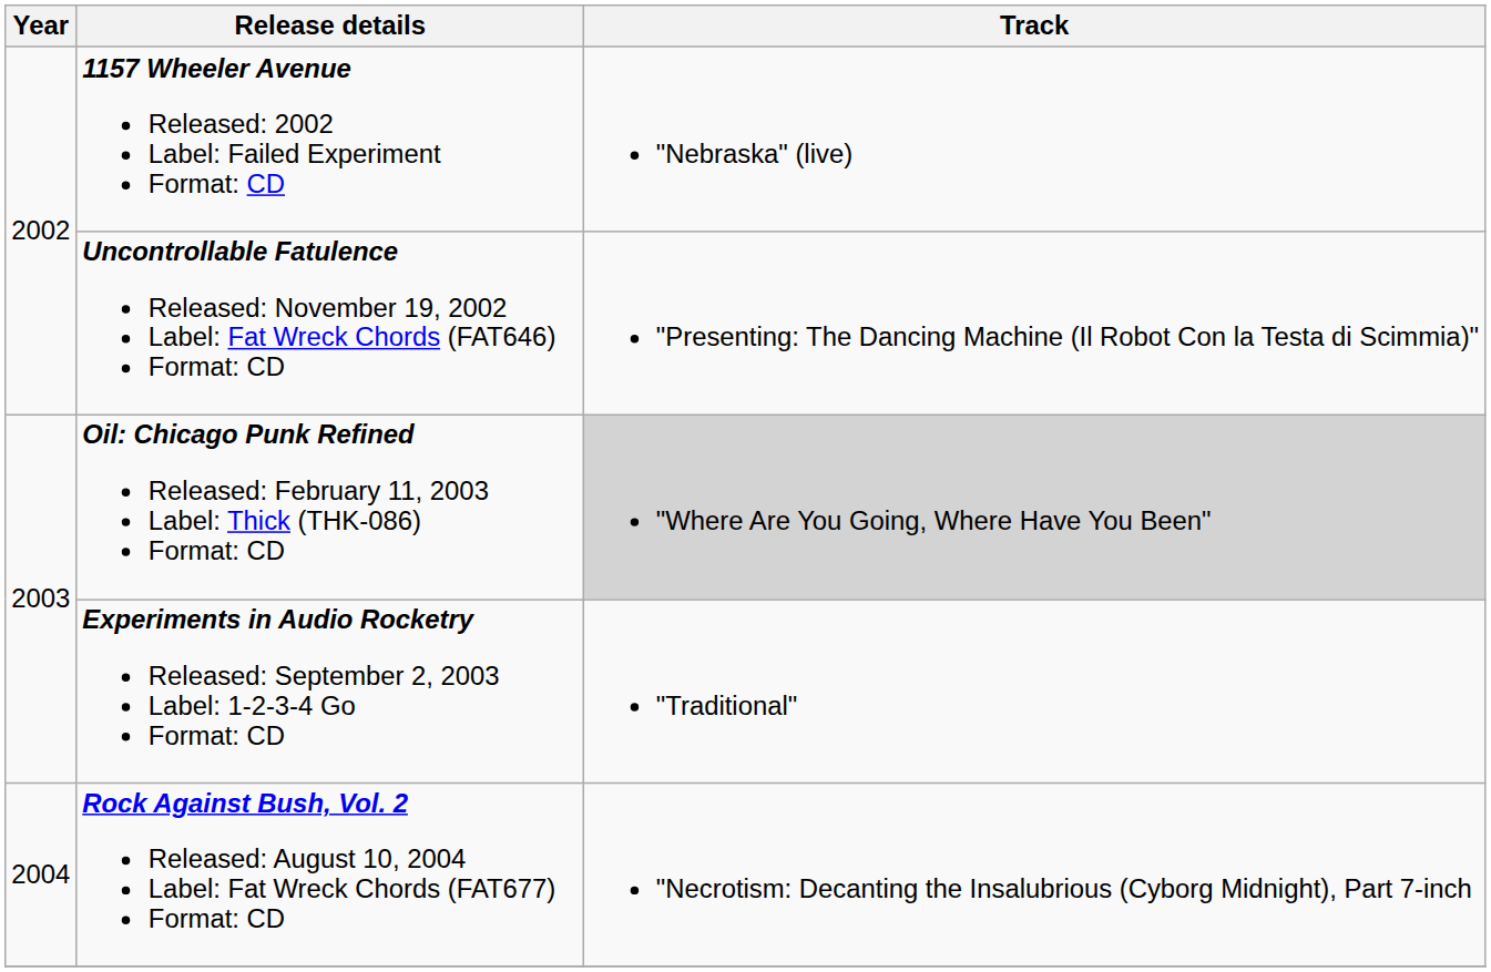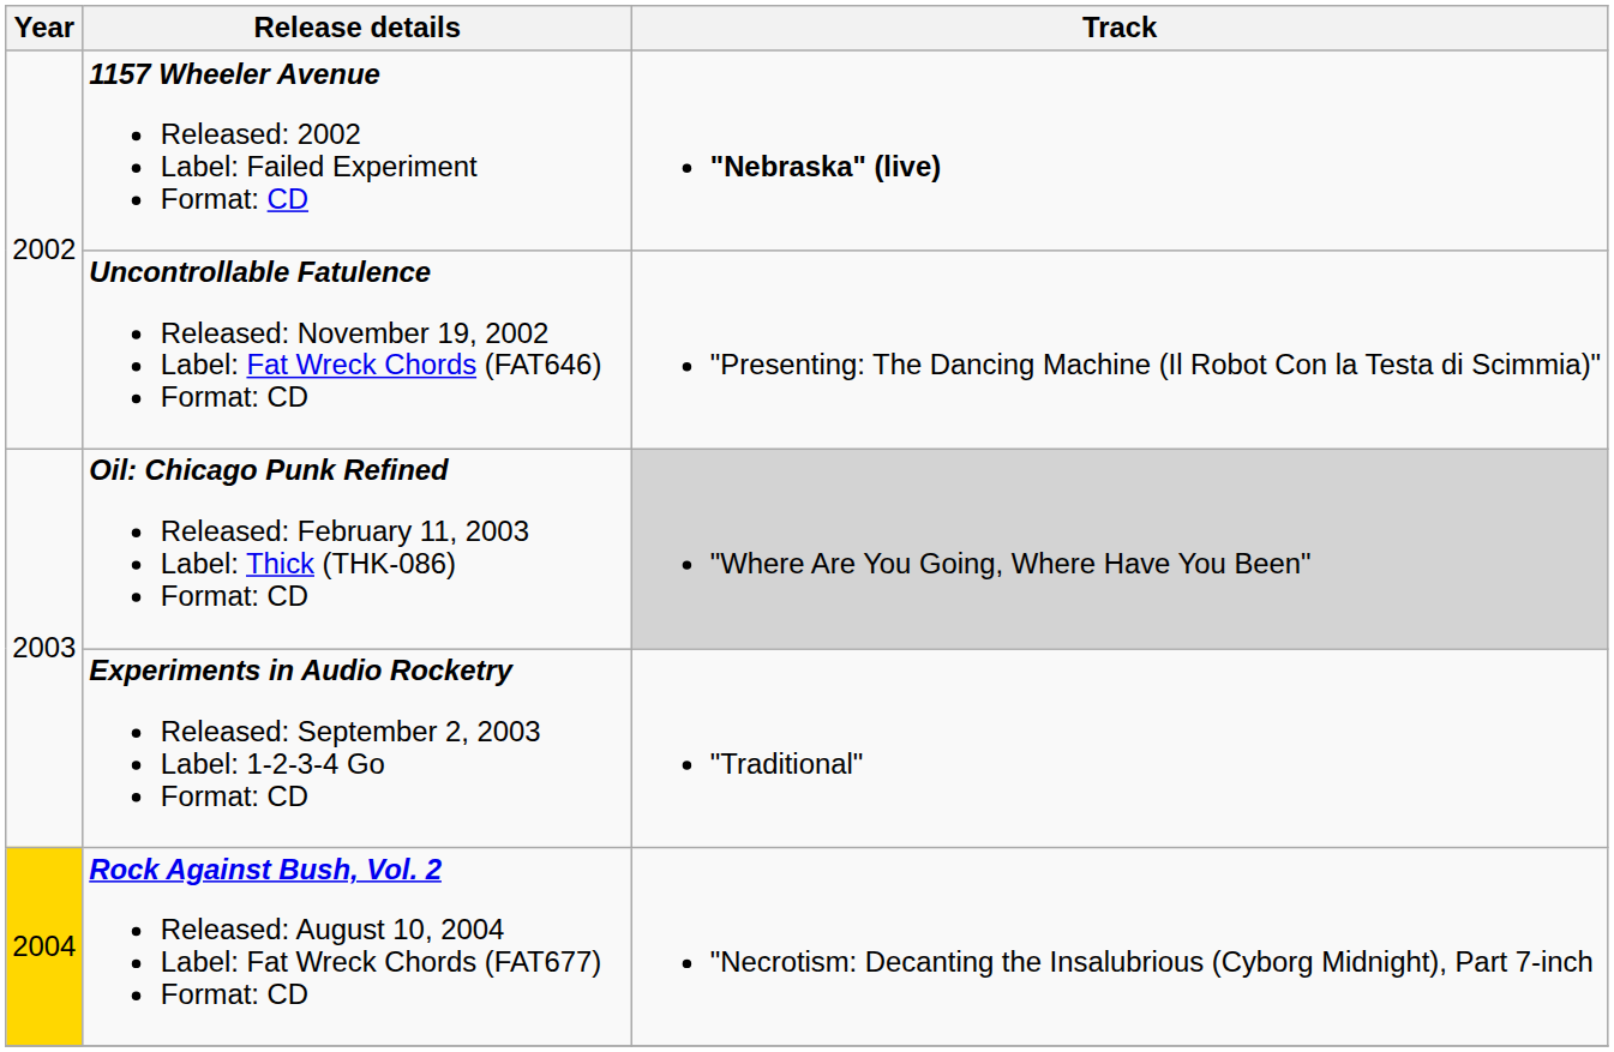 <table class ="wikitable">
 <tr>
 <th>Year</th>
 <th width="300">Release details</th>
 <th>Track</th>
 </tr>
 <tr>
 <td rowspan="2">2002</td>
 <td><strong><em>1157 Wheeler Avenue</em></strong><br><ul><li>Released: 2002</li><li>Label: Failed Experiment</li><li>Format: <a href='#'>CD</a></li></ul></td>
-<td><br><ul><li>"Nebraska" (live)</li></ul></td>
+<td><strong><br><ul><li>"Nebraska" (live)</li></ul></strong></td>
 </tr>
 <tr>
 <td><strong><em>Uncontrollable Fatulence</em></strong><br><ul><li>Released: November 19, 2002</li><li>Label: <a href='#'>Fat Wreck Chords</a> (FAT646)</li><li>Format: CD</li></ul></td>
 <td><br><ul><li>"Presenting: The Dancing Machine (Il Robot Con la Testa di Scimmia)"</li></ul></td>
 </tr>
 <tr>
 <td rowspan="2">2003</td>
 <td><strong><em>Oil: Chicago Punk Refined</em></strong><br><ul><li>Released: February 11, 2003</li><li>Label: <a href='#'>Thick</a> (THK-086)</li><li>Format: CD</li></ul></td>
 <td style="background: lightgrey;"><br><ul><li>"Where Are You Going, Where Have You Been"</li></ul></td>
 </tr>
 <tr>
 <td><strong><em>Experiments in Audio Rocketry</em></strong><br><ul><li>Released: September 2, 2003</li><li>Label: 1-2-3-4 Go</li><li>Format: CD</li></ul></td>
 <td><br><ul><li>"Traditional"</li></ul></td>
 </tr>
 <tr>
-<td>2004</td>
+<td style="background: gold;">2004</td>
 <td><strong><em><a href='#'>Rock Against Bush, Vol. 2</a></em></strong><br><ul><li>Released: August 10, 2004</li><li>Label: Fat Wreck Chords (FAT677)</li><li>Format: CD</li></ul></td>
 <td><br><ul><li>"Necrotism: Decanting the Insalubrious (Cyborg Midnight), Part 7-inch</li></ul></td>
 </tr>
 <tr>
 </tr>
 </table>
